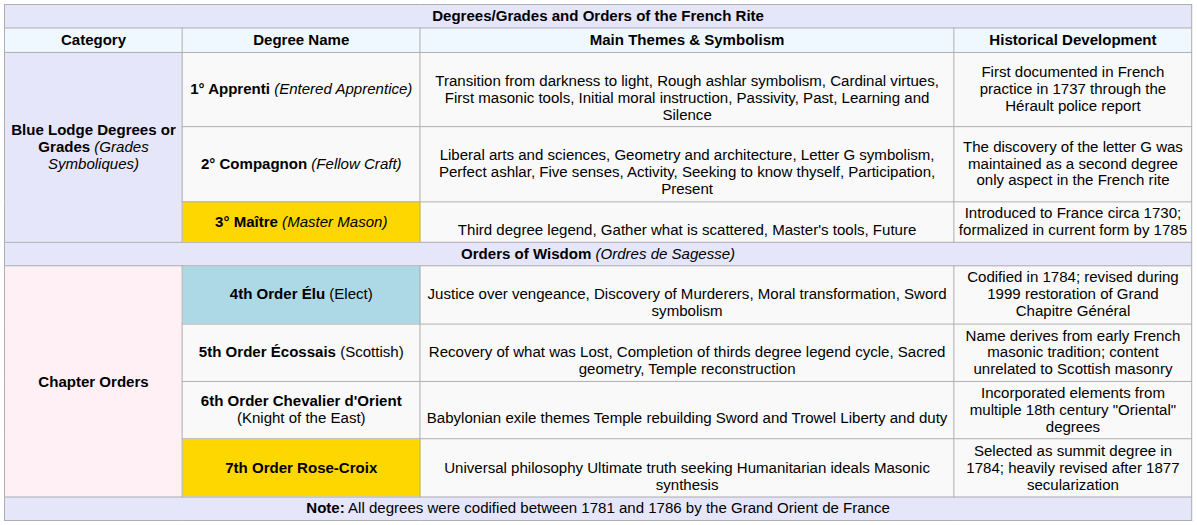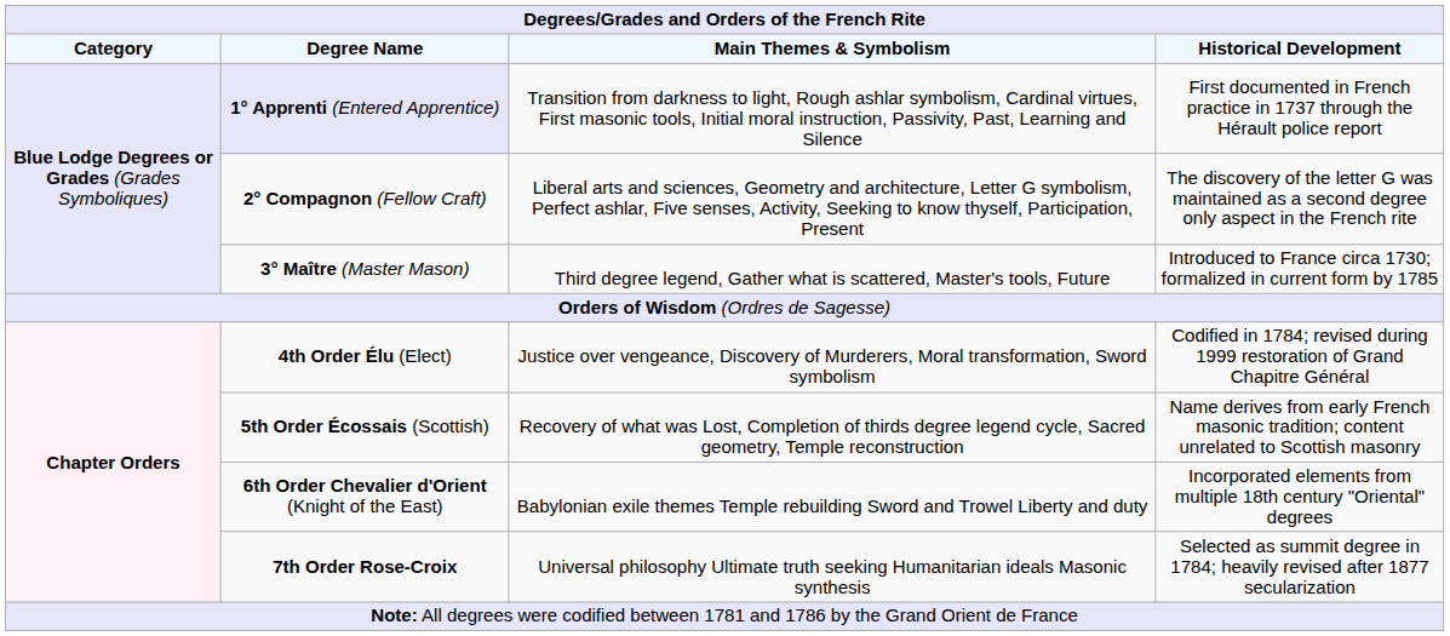 <table class="wikitable" style="text-align: center; width: 100%;">
 <tr>
 <th colspan="4" style="background-color: #E6E6FA;">Degrees/Grades and Orders of the French Rite</th>
 </tr>
 <tr>
 <th style="width: 15%; background-color: #F0F8FF;">Category</th>
 <th style="width: 20%; background-color: #F0F8FF;">Degree Name</th>
 <th style="width: 45%; background-color: #F0F8FF;">Main Themes & Symbolism</th>
 <th style="width: 20%; background-color: #F0F8FF;">Historical Development</th>
 </tr>
 <tr>
 <td rowspan="3" style="background-color: #E6E6FA;"><strong>Blue Lodge Degrees or Grades</strong> <em>(Grades Symboliques)</em></td>
-<td><strong>1° Apprenti</strong> <em>(Entered Apprentice)</em></td>
+<td style="background: lavender;"><strong>1° Apprenti</strong> <em>(Entered Apprentice)</em></td>
 <td><br>Transition from darkness to light, Rough ashlar symbolism, Cardinal virtues, First masonic tools, Initial moral instruction, Passivity, Past, Learning and Silence</td>
 <td>First documented in French practice in 1737 through the Hérault police report</td>
 </tr>
 <tr>
 <td><strong>2° Compagnon</strong> <em>(Fellow Craft)</em></td>
 <td><br>Liberal arts and sciences, Geometry and architecture, Letter G symbolism, Perfect ashlar, Five senses, Activity, Seeking to know thyself, Participation, Present</td>
 <td>The discovery of the letter G was maintained as a second degree only aspect in the French rite </td>
 </tr>
 <tr>
-<td style="background: gold;"><strong>3° Maître</strong> <em>(Master Mason)</em></td>
+<td><strong>3° Maître</strong> <em>(Master Mason)</em></td>
 <td><br>Third degree legend, Gather what is scattered, Master's tools, Future</td>
 <td>Introduced to France circa 1730; formalized in current form by 1785</td>
 </tr>
 <tr>
 <td colspan="4" style="background-color: #E6E6FA;"><strong>Orders of Wisdom</strong> <em>(Ordres de Sagesse)</em></td>
 </tr>
 <tr>
 <td rowspan="4" style="background-color: #FFF0F5;"><strong>Chapter Orders</strong></td>
-<td style="background: lightblue;"><strong>4th Order Élu</strong> (Elect)</td>
+<td><strong>4th Order Élu</strong> (Elect)</td>
 <td><br>Justice over vengeance, Discovery of Murderers, Moral transformation, Sword symbolism</td>
 <td>Codified in 1784; revised during 1999 restoration of Grand Chapitre Général</td>
 </tr>
 <tr>
 <td><strong>5th Order Écossais</strong> (Scottish)</td>
 <td><br>Recovery of what was Lost, Completion of thirds  degree legend cycle, Sacred geometry, Temple reconstruction</td>
 <td>Name derives from early French masonic tradition; content unrelated to Scottish masonry</td>
 </tr>
 <tr>
 <td><strong>6th Order Chevalier d'Orient</strong> (Knight of the East)</td>
 <td><br>Babylonian exile themes Temple rebuilding Sword and Trowel Liberty and duty</td>
 <td>Incorporated elements from multiple 18th century "Oriental" degrees</td>
 </tr>
 <tr>
-<td style="background: gold;"><strong>7th Order Rose-Croix</strong></td>
+<td><strong>7th Order Rose-Croix</strong></td>
 <td><br>Universal philosophy Ultimate truth seeking Humanitarian ideals Masonic synthesis</td>
 <td>Selected as summit degree in 1784; heavily revised after 1877 secularization</td>
 </tr>
 <tr>
 <td colspan="4" style="background-color: #E6E6FA;"><strong>Note:</strong> All degrees were codified between 1781 and 1786 by the Grand Orient de France</td>
 </tr>
 </table>
